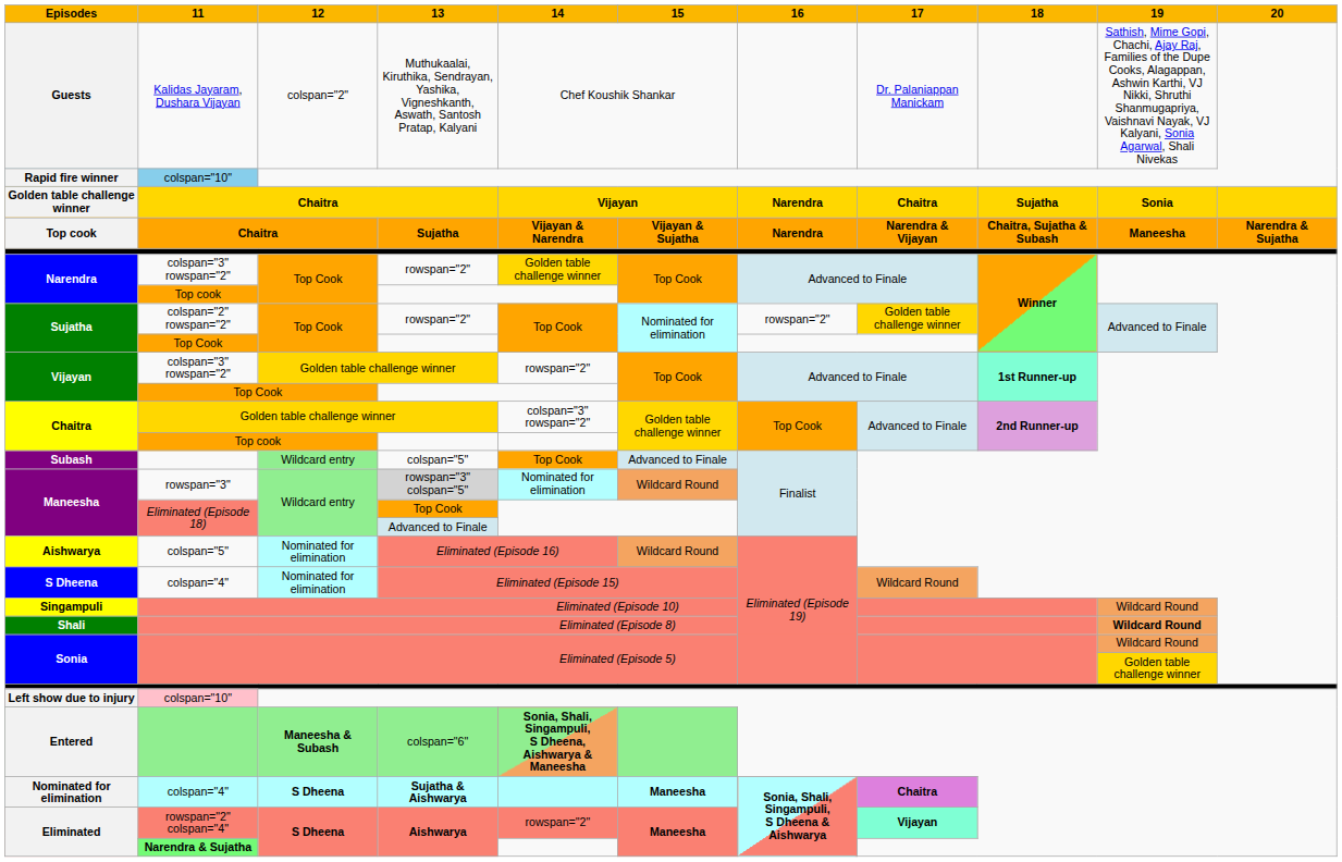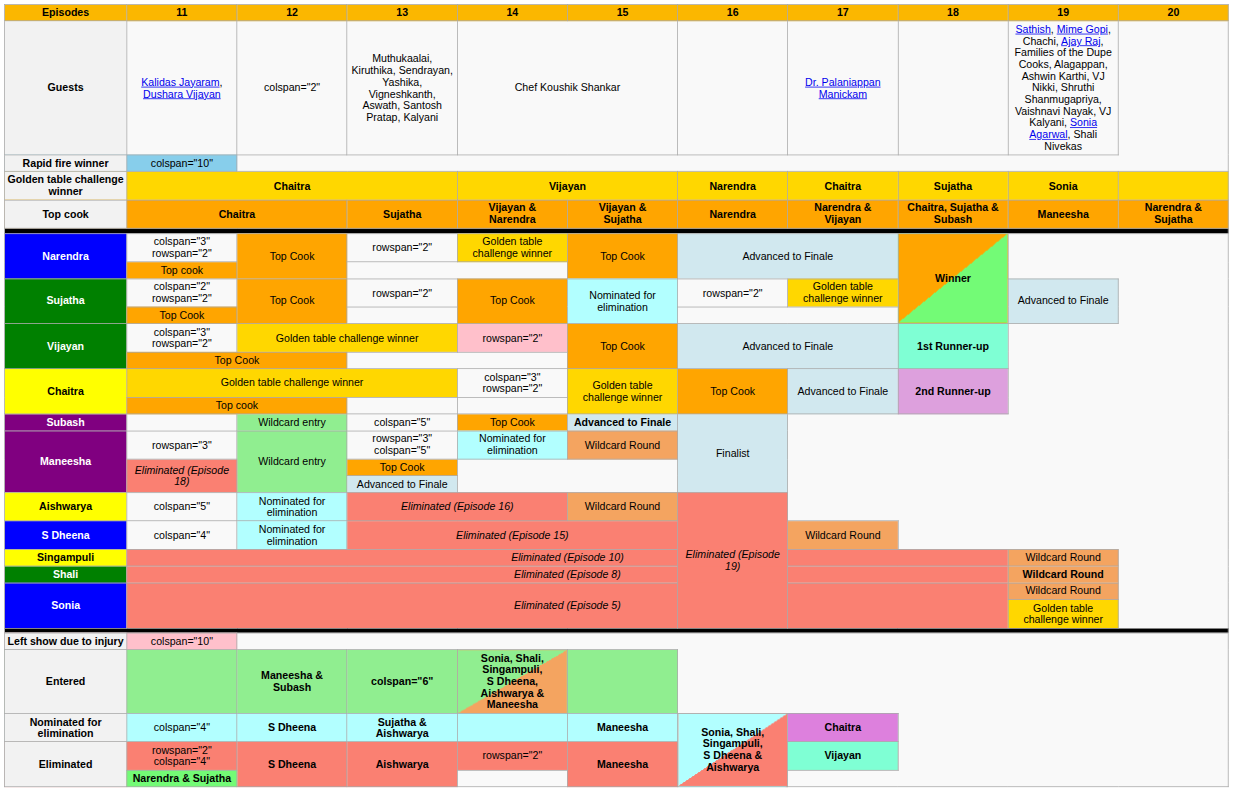 <table class="wikitable" style="text-align:center;font-size:85%;">
 <tr>
 <th scope="col" style="background:#FBB700" width=10%>Episodes</th>
 <th scope="col" style="background:#FBB700" width=9%>11</th>
 <th scope="col" style="background:#FBB700" width=9%>12</th>
 <th scope="col" style="background:#FBB700" width=9%>13</th>
 <th scope="col" style="background:#FBB700" width=9%>14</th>
 <th scope="col" style="background:#FBB700" width=9%>15</th>
 <th scope="col" style="background:#FBB700" width=9%>16</th>
 <th scope="col" style="background:#FBB700" width=9%>17</th>
 <th scope="col" style="background:#FBB700" width=9%>18</th>
 <th scope="col" style="background:#FBB700" width=9%>19</th>
 <th scope="col" style="background:#FBB700" width=9%>20</th>
 </tr>
 <tr>
 <th scope="row">Guests</th>
 <td><a href='#'>Kalidas Jayaram</a>, <a href='#'>Dushara Vijayan</a></td>
 <td>colspan="2" </td>
 <td>Muthukaalai, Kiruthika, Sendrayan, Yashika, Vigneshkanth, Aswath, Santosh Pratap, Kalyani</td>
 <td colspan="2">Chef Koushik Shankar</td>
 <td></td>
 <td><a href='#'>Dr. Palaniappan Manickam</a></td>
 <td></td>
 <td><a href='#'>Sathish</a>, <a href='#'>Mime Gopi</a>, Chachi, <a href='#'>Ajay Raj</a>, Families of the Dupe Cooks, Alagappan, Ashwin Karthi, VJ Nikki, Shruthi Shanmugapriya, Vaishnavi Nayak, VJ Kalyani, <a href='#'>Sonia Agarwal</a>, Shali Nivekas</td>
 </tr>
 <tr style="background:skyblue;">
 <th scope="row">Rapid fire winner</th>
 <td>colspan="10" </td>
 </tr>
 <tr style="background:gold;">
 <th scope="row">Golden table challenge winner</th>
 <td colspan="3"><strong>Chaitra</strong></td>
 <td colspan="2"><strong>Vijayan</strong></td>
 <td><strong>Narendra</strong></td>
 <td><strong>Chaitra</strong></td>
 <td><strong>Sujatha</strong></td>
 <td><strong>Sonia</strong></td>
 <td></td>
 </tr>
 <tr style="background:orange;">
 <th scope="row">Top cook</th>
 <td colspan=2><strong>Chaitra</strong></td>
 <td><strong>Sujatha</strong></td>
 <td><strong>Vijayan &<br>Narendra</strong></td>
 <td><strong>Vijayan &<br>Sujatha</strong></td>
 <td><strong>Narendra</strong></td>
 <td><strong>Narendra &<br>Vijayan</strong></td>
 <td><strong>Chaitra, Sujatha & Subash</strong></td>
 <td><strong>Maneesha</strong></td>
 <td><strong>Narendra &<br>Sujatha</strong></td>
 </tr>
 <tr>
 <td colspan="11" style="background:black;"></td>
 </tr>
 <tr>
 <th rowspan="2" scope="rowgroup" style="background:blue;color:white;">Narendra</th>
 <td>colspan="3" rowspan="2" </td>
 <td rowspan="2" style="background:orange;">Top Cook</td>
 <td>rowspan="2" </td>
 <td style="background: gold;">Golden table challenge winner</td>
 <td rowspan="2" style="background:orange;">Top Cook</td>
 <td rowspan="2" colspan="2" style="background: #D1E8EF;">Advanced to Finale</td>
 <td rowspan="4" style="background-image: linear-gradient(to right bottom, orange 50%, #73FB76 50%);"><strong>Winner</strong></td>
 </tr>
 <tr>
 <td colspan="1" style="background:orange;">Top cook</td>
 </tr>
 <tr>
 <th rowspan="2" scope="rowgroup" style="background: green; color: white;">Sujatha</th>
 <td>colspan="2" rowspan="2" </td>
 <td rowspan="2" style="background: orange;">Top Cook</td>
 <td>rowspan="2" </td>
 <td rowspan="2" style="background: orange;">Top Cook</td>
 <td rowspan="2" style="background: #B2FFFF;">Nominated for elimination</td>
 <td>rowspan="2" </td>
 <td style="background: gold;">Golden table challenge winner</td>
 <td rowspan="2" style="background: #D1E8EF;">Advanced to Finale</td>
 </tr>
 <tr>
 <td style="background: orange;">Top Cook</td>
 </tr>
 <tr>
 <th rowspan="2" scope="rowgroup" style="background:green;color:white;">Vijayan</th>
 <td>colspan="3" rowspan="2" </td>
 <td colspan="2" style="background: gold;">Golden table challenge winner</td>
-<td>rowspan="2" </td>
+<td style="background: pink;">rowspan="2" </td>
 <td rowspan="2" style="background:orange;">Top Cook</td>
 <td rowspan="2" colspan="2" style="background: #D1E8EF;">Advanced to Finale</td>
 <td rowspan="2" style="background: #7FFFD4;"><strong>1st Runner-up</strong></td>
 </tr>
 <tr>
 <td colspan="2" style="background:orange;">Top Cook</td>
 </tr>
 <tr>
 <th rowspan="2" scope="rowgroup" style="background:yellow;">Chaitra</th>
 <td colspan="3" style="background: gold;">Golden table challenge winner</td>
 <td>colspan="3" rowspan="2" </td>
 <td rowspan="2" style="background: gold;">Golden table challenge winner</td>
 <td rowspan="2" style="background: orange;">Top Cook</td>
 <td rowspan="2" style="background: #D1E8EF;">Advanced to Finale</td>
 <td rowspan="2" style="background: #DDA0DD;"><strong>2nd Runner-up</strong></td>
 </tr>
 <tr>
 <td colspan="2" style="background:orange;">Top cook</td>
 <td></td>
 </tr>
 <tr>
 <th scope="row" style="background:purple;color:white;">Subash</th>
 <td></td>
 <td style="background:lightgreen;">Wildcard entry</td>
 <td>colspan="5" </td>
 <td style="background: orange;">Top Cook</td>
-<td style="background: #D1E8EF;">Advanced to Finale</td>
+<td style="background: #D1E8EF;"><strong>Advanced to Finale</strong></td>
 <td rowspan="4" style="background: #D1E8EF;">Finalist</td>
 </tr>
 <tr>
 <th rowspan="3" scope="rowgroup" style="background:purple;color:white;">Maneesha</th>
 <td>rowspan="3" </td>
 <td rowspan="3" style="background:lightgreen;">Wildcard entry</td>
-<td style="background: lightgrey;">rowspan="3" colspan="5" </td>
+<td>rowspan="3" colspan="5" </td>
 <td style="background: #B2FFFF;">Nominated for elimination</td>
 <td style="background: sandybrown;">Wildcard Round</td>
 </tr>
 <tr>
 <td rowspan="2" style="background:#FA8072;"><em>Eliminated (Episode 18)</em></td>
 <td style="background:orange;">Top Cook</td>
 </tr>
 <tr>
 <td style="background: #D1E8EF;">Advanced to Finale</td>
 </tr>
 <tr>
 <th scope="row" style="background:yellow;">Aishwarya</th>
 <td>colspan="5" </td>
 <td style="background: #B2FFFF;">Nominated for elimination</td>
 <td colspan="2" style="background:#FA8072"><em>Eliminated (Episode 16)</em></td>
 <td style="background: sandybrown;">Wildcard Round</td>
 <td rowspan="6" style="background: salmon;"><em>Eliminated (Episode 19)</em></td>
 </tr>
 <tr>
 <th scope="row" style="background:blue;color:white;">S Dheena</th>
 <td>colspan="4" </td>
 <td style="background:#B2FFFF;">Nominated for elimination</td>
 <td colspan="3" style="background:#FA8072"><em>Eliminated (Episode 15)</em></td>
 <td style="background: sandybrown;">Wildcard Round</td>
 </tr>
 <tr>
 <th scope="row" style="background:yellow;">Singampuli</th>
 <td colspan="8" style="background:#FA8072"><em>Eliminated (Episode 10)</em></td>
 <td style="background: sandybrown;">Wildcard Round</td>
 </tr>
 <tr>
 <th scope="row" style="background:green;color:white;">Shali</th>
 <td colspan="8" style="background:#FA8072"><em>Eliminated (Episode 8)</em></td>
 <td style="background: sandybrown;"><strong>Wildcard Round</strong></td>
 </tr>
 <tr>
 <th rowspan="2" scope="row" style="background:blue;color:white;">Sonia</th>
 <td rowspan="2" colspan="8" style="background:#FA8072"><em>Eliminated (Episode 5)</em></td>
 <td style="background: sandybrown;">Wildcard Round</td>
 </tr>
 <tr>
 <td style="background: gold;">Golden table challenge winner</td>
 </tr>
 <tr>
 <td colspan="11" style="background:black;"></td>
 </tr>
 <tr style="background:pink;">
 <th scope="row">Left show due to injury</th>
 <td>colspan="10" </td>
 </tr>
 <tr style="background:lightgreen;">
 <th scope="row">Entered</th>
 <td></td>
 <td><strong>Maneesha &<br>Subash</strong></td>
-<td>colspan="6" </td>
+<td><strong>colspan="6" </strong></td>
 <td style="background-image: linear-gradient(to right bottom, lightgreen 50%, sandybrown 50%);"><strong>Sonia, Shali,<br>Singampuli,<br>S Dheena,<br>Aishwarya &<br>Maneesha</strong></td>
 <td></td>
 </tr>
 <tr style="background:#B2FFFF;">
 <th scope="row">Nominated for elimination</th>
 <td>colspan="4" </td>
 <td><strong>S Dheena</strong></td>
 <td><strong>Sujatha &<br>Aishwarya</strong></td>
 <td></td>
 <td><strong>Maneesha</strong></td>
 <td rowspan="3" style="background-image: linear-gradient(to right bottom, #B2FFFF 50%, salmon 50%);"><strong>Sonia, Shali,<br>Singampuli,<br>S Dheena &<br>Aishwarya</strong></td>
 <td bgcolor="#DD80DD"><strong>Chaitra</strong></td>
 </tr>
 <tr style="background:salmon;">
 <th rowspan="2" scope="row">Eliminated</th>
 <td>rowspan="2" colspan="4" </td>
 <td rowspan="2"><strong>S Dheena</strong></td>
 <td rowspan="2"><strong>Aishwarya</strong></td>
 <td>rowspan="2" </td>
 <td rowspan="2"><strong>Maneesha</strong></td>
 <td bgcolor="#7FFFD4"><strong>Vijayan</strong></td>
 </tr>
 <tr>
 <td bgcolor="#73FB76"><strong>Narendra & Sujatha</strong></td>
 </tr>
 </table>
